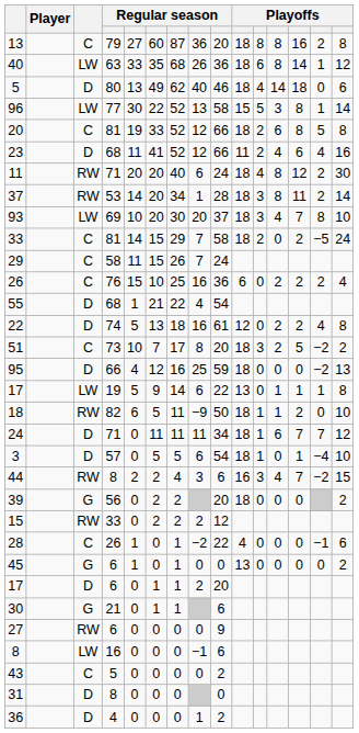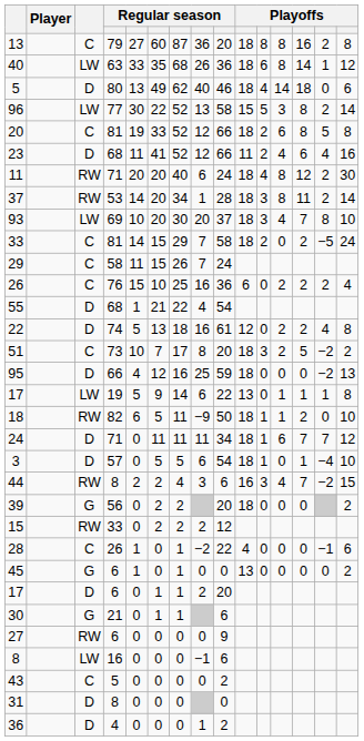 <table class="wikitable sortable plainrowheaders" style="text-align:center;">
 <tr>
 <th scope="col" data-sort-type="number" rowspan="2"></th>
 <th scope="col" rowspan="2">Player</th>
 <th scope="col" rowspan="2"></th>
 <th scope=colgroup colspan=6>Regular season</th>
 <th scope=colgroup colspan=6>Playoffs</th>
 </tr>
 <tr>
 <th scope="col" data-sort-type="number"></th>
 <th scope="col" data-sort-type="number"></th>
 <th scope="col" data-sort-type="number"></th>
 <th scope="col" data-sort-type="number"></th>
 <th scope="col" data-sort-type="number"></th>
 <th scope="col" data-sort-type="number"></th>
 <th scope="col" data-sort-type="number"></th>
 <th scope="col" data-sort-type="number"></th>
 <th scope="col" data-sort-type="number"></th>
 <th scope="col" data-sort-type="number"></th>
 <th scope="col" data-sort-type="number"></th>
 <th scope="col" data-sort-type="number"></th>
 </tr>
 <tr>
 <td scope="row">13</td>
 <td align="left"></td>
 <td>C</td>
 <td>79</td>
 <td>27</td>
 <td>60</td>
 <td>87</td>
 <td>36</td>
 <td>20</td>
 <td>18</td>
 <td>8</td>
 <td>8</td>
 <td>16</td>
 <td>2</td>
 <td>8</td>
 </tr>
 <tr>
 <td scope="row">40</td>
 <td align="left"></td>
 <td>LW</td>
 <td>63</td>
 <td>33</td>
 <td>35</td>
 <td>68</td>
 <td>26</td>
 <td>36</td>
 <td>18</td>
 <td>6</td>
 <td>8</td>
 <td>14</td>
 <td>1</td>
 <td>12</td>
 </tr>
 <tr>
 <td scope="row">5</td>
 <td align="left"></td>
 <td>D</td>
 <td>80</td>
 <td>13</td>
 <td>49</td>
 <td>62</td>
 <td>40</td>
 <td>46</td>
 <td>18</td>
 <td>4</td>
 <td>14</td>
 <td>18</td>
 <td>0</td>
 <td>6</td>
 </tr>
 <tr>
 <td scope="row">96</td>
 <td align="left"></td>
 <td>LW</td>
 <td>77</td>
 <td>30</td>
 <td>22</td>
 <td>52</td>
 <td>13</td>
 <td>58</td>
 <td>15</td>
 <td>5</td>
 <td>3</td>
 <td>8</td>
-<td>1</td>
+<td>2</td>
 <td>14</td>
 </tr>
 <tr>
 <td scope="row">20</td>
 <td align="left"></td>
 <td>C</td>
 <td>81</td>
 <td>19</td>
 <td>33</td>
 <td>52</td>
 <td>12</td>
 <td>66</td>
 <td>18</td>
 <td>2</td>
 <td>6</td>
 <td>8</td>
 <td>5</td>
 <td>8</td>
 </tr>
 <tr>
 <td scope="row">23</td>
 <td align="left"></td>
 <td>D</td>
 <td>68</td>
 <td>11</td>
 <td>41</td>
 <td>52</td>
 <td>12</td>
 <td>66</td>
 <td>11</td>
 <td>2</td>
 <td>4</td>
 <td>6</td>
 <td>4</td>
 <td>16</td>
 </tr>
 <tr>
 <td scope="row">11</td>
 <td align="left"></td>
 <td>RW</td>
 <td>71</td>
 <td>20</td>
 <td>20</td>
 <td>40</td>
 <td>6</td>
 <td>24</td>
 <td>18</td>
 <td>4</td>
 <td>8</td>
 <td>12</td>
 <td>2</td>
 <td>30</td>
 </tr>
 <tr>
 <td scope="row">37</td>
 <td align="left"></td>
 <td>RW</td>
 <td>53</td>
 <td>14</td>
 <td>20</td>
 <td>34</td>
 <td>1</td>
 <td>28</td>
 <td>18</td>
 <td>3</td>
 <td>8</td>
 <td>11</td>
 <td>2</td>
 <td>14</td>
 </tr>
 <tr>
 <td scope="row">93</td>
 <td align="left"></td>
 <td>LW</td>
 <td>69</td>
 <td>10</td>
 <td>20</td>
 <td>30</td>
 <td>20</td>
 <td>37</td>
 <td>18</td>
 <td>3</td>
 <td>4</td>
 <td>7</td>
 <td>8</td>
 <td>10</td>
 </tr>
 <tr>
 <td scope="row">33</td>
 <td align="left"></td>
 <td>C</td>
 <td>81</td>
 <td>14</td>
 <td>15</td>
 <td>29</td>
 <td>7</td>
 <td>58</td>
 <td>18</td>
 <td>2</td>
 <td>0</td>
 <td>2</td>
 <td>−5</td>
 <td>24</td>
 </tr>
 <tr>
 <td scope="row">29</td>
 <td align="left"></td>
 <td>C</td>
 <td>58</td>
 <td>11</td>
 <td>15</td>
 <td>26</td>
 <td>7</td>
 <td>24</td>
 <td></td>
 <td></td>
 <td></td>
 <td></td>
 <td></td>
 <td></td>
 </tr>
 <tr>
 <td scope="row">26</td>
 <td align="left"></td>
 <td>C</td>
 <td>76</td>
 <td>15</td>
 <td>10</td>
 <td>25</td>
 <td>16</td>
 <td>36</td>
 <td>6</td>
 <td>0</td>
 <td>2</td>
 <td>2</td>
 <td>2</td>
 <td>4</td>
 </tr>
 <tr>
 <td scope="row">55</td>
 <td align="left"></td>
 <td>D</td>
 <td>68</td>
 <td>1</td>
 <td>21</td>
 <td>22</td>
 <td>4</td>
 <td>54</td>
 <td></td>
 <td></td>
 <td></td>
 <td></td>
 <td></td>
 <td></td>
 </tr>
 <tr>
 <td scope="row">22</td>
 <td align="left"></td>
 <td>D</td>
 <td>74</td>
 <td>5</td>
 <td>13</td>
 <td>18</td>
 <td>16</td>
 <td>61</td>
 <td>12</td>
 <td>0</td>
 <td>2</td>
 <td>2</td>
 <td>4</td>
 <td>8</td>
 </tr>
 <tr>
 <td scope="row">51</td>
 <td align="left"></td>
 <td>C</td>
 <td>73</td>
 <td>10</td>
 <td>7</td>
 <td>17</td>
 <td>8</td>
 <td>20</td>
 <td>18</td>
 <td>3</td>
 <td>2</td>
 <td>5</td>
 <td>−2</td>
 <td>2</td>
 </tr>
 <tr>
 <td scope="row">95</td>
 <td align="left"></td>
 <td>D</td>
 <td>66</td>
 <td>4</td>
 <td>12</td>
 <td>16</td>
 <td>25</td>
 <td>59</td>
 <td>18</td>
 <td>0</td>
 <td>0</td>
 <td>0</td>
 <td>−2</td>
 <td>13</td>
 </tr>
 <tr>
 <td scope="row">17</td>
 <td align="left"></td>
 <td>LW</td>
 <td>19</td>
 <td>5</td>
 <td>9</td>
 <td>14</td>
 <td>6</td>
 <td>22</td>
 <td>13</td>
 <td>0</td>
 <td>1</td>
 <td>1</td>
 <td>1</td>
 <td>8</td>
 </tr>
 <tr>
 <td scope="row">18</td>
 <td align="left"></td>
 <td>RW</td>
 <td>82</td>
 <td>6</td>
 <td>5</td>
 <td>11</td>
 <td>−9</td>
 <td>50</td>
 <td>18</td>
 <td>1</td>
 <td>1</td>
 <td>2</td>
 <td>0</td>
 <td>10</td>
 </tr>
 <tr>
 <td scope="row">24</td>
 <td align="left"></td>
 <td>D</td>
 <td>71</td>
 <td>0</td>
 <td>11</td>
 <td>11</td>
 <td>11</td>
 <td>34</td>
 <td>18</td>
 <td>1</td>
 <td>6</td>
 <td>7</td>
 <td>7</td>
 <td>12</td>
 </tr>
 <tr>
 <td scope="row">3</td>
 <td align="left"></td>
 <td>D</td>
 <td>57</td>
 <td>0</td>
 <td>5</td>
 <td>5</td>
 <td>6</td>
 <td>54</td>
 <td>18</td>
 <td>1</td>
 <td>0</td>
 <td>1</td>
 <td>−4</td>
 <td>10</td>
 </tr>
 <tr>
 <td scope="row">44</td>
 <td align="left"></td>
 <td>RW</td>
 <td>8</td>
 <td>2</td>
 <td>2</td>
 <td>4</td>
 <td>3</td>
 <td>6</td>
 <td>16</td>
 <td>3</td>
 <td>4</td>
 <td>7</td>
 <td>−2</td>
 <td>15</td>
 </tr>
 <tr>
 <td scope="row">39</td>
 <td align="left"></td>
 <td>G</td>
 <td>56</td>
 <td>0</td>
 <td>2</td>
 <td>2</td>
 <td style="background:#ccc"></td>
 <td>20</td>
 <td>18</td>
 <td>0</td>
 <td>0</td>
 <td>0</td>
 <td style="background:#ccc"></td>
 <td>2</td>
 </tr>
 <tr>
 <td scope="row">15</td>
 <td align="left"></td>
 <td>RW</td>
 <td>33</td>
 <td>0</td>
 <td>2</td>
 <td>2</td>
 <td>2</td>
 <td>12</td>
 <td></td>
 <td></td>
 <td></td>
 <td></td>
 <td></td>
 <td></td>
 </tr>
 <tr>
 <td scope="row">28</td>
 <td align="left"></td>
 <td>C</td>
 <td>26</td>
 <td>1</td>
 <td>0</td>
 <td>1</td>
 <td>−2</td>
 <td>22</td>
 <td>4</td>
 <td>0</td>
 <td>0</td>
 <td>0</td>
 <td>−1</td>
 <td>6</td>
 </tr>
 <tr>
 <td scope="row">45</td>
 <td align="left"></td>
 <td>G</td>
 <td>6</td>
 <td>1</td>
 <td>0</td>
 <td>1</td>
 <td>0</td>
 <td>0</td>
 <td>13</td>
 <td>0</td>
 <td>0</td>
 <td>0</td>
 <td>0</td>
 <td>2</td>
 </tr>
 <tr>
 <td scope="row">17</td>
 <td align="left"></td>
 <td>D</td>
 <td>6</td>
 <td>0</td>
 <td>1</td>
 <td>1</td>
 <td>2</td>
 <td>20</td>
 <td></td>
 <td></td>
 <td></td>
 <td></td>
 <td></td>
 <td></td>
 </tr>
 <tr>
 <td scope="row">30</td>
 <td align="left"></td>
 <td>G</td>
 <td>21</td>
 <td>0</td>
 <td>1</td>
 <td>1</td>
 <td style="background:#ccc"></td>
 <td>6</td>
 <td></td>
 <td></td>
 <td></td>
 <td></td>
 <td></td>
 <td></td>
 </tr>
 <tr>
 <td scope="row">27</td>
 <td align="left"></td>
 <td>RW</td>
 <td>6</td>
 <td>0</td>
 <td>0</td>
 <td>0</td>
 <td>0</td>
 <td>9</td>
 <td></td>
 <td></td>
 <td></td>
 <td></td>
 <td></td>
 <td></td>
 </tr>
 <tr>
 <td scope="row">8</td>
 <td align="left"></td>
 <td>LW</td>
 <td>16</td>
 <td>0</td>
 <td>0</td>
 <td>0</td>
 <td>−1</td>
 <td>6</td>
 <td></td>
 <td></td>
 <td></td>
 <td></td>
 <td></td>
 <td></td>
 </tr>
 <tr>
 <td scope="row">43</td>
 <td align="left"></td>
 <td>C</td>
 <td>5</td>
 <td>0</td>
 <td>0</td>
 <td>0</td>
 <td>0</td>
 <td>2</td>
 <td></td>
 <td></td>
 <td></td>
 <td></td>
 <td></td>
 <td></td>
 </tr>
 <tr>
 <td scope="row">31</td>
 <td align="left"></td>
 <td>D</td>
 <td>8</td>
 <td>0</td>
 <td>0</td>
 <td>0</td>
 <td style="background:#ccc"></td>
 <td>0</td>
 <td></td>
 <td></td>
 <td></td>
 <td></td>
 <td></td>
 <td></td>
 </tr>
 <tr>
 <td scope="row">36</td>
 <td align="left"></td>
 <td>D</td>
 <td>4</td>
 <td>0</td>
 <td>0</td>
 <td>0</td>
 <td>1</td>
 <td>2</td>
 <td></td>
 <td></td>
 <td></td>
 <td></td>
 <td></td>
 <td></td>
 </tr>
 </table>
